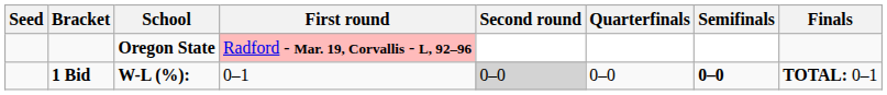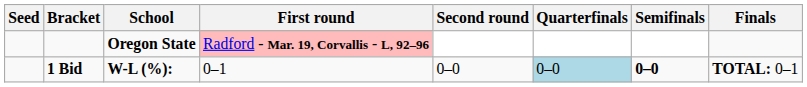 <table class="sortable wikitable" style="white-space:nowrap; font-size:90%;">
 <tr>
 <th>Seed</th>
 <th>Bracket</th>
 <th>School</th>
 <th>First round</th>
 <th>Second round</th>
 <th>Quarterfinals</th>
 <th>Semifinals</th>
 <th>Finals</th>
 </tr>
 <tr>
 <td></td>
 <td></td>
 <td><strong>Oregon State</strong></td>
 <td style="background:#fbb;"><a href='#'>Radford</a> - <strong><small>Mar. 19, Corvallis</small></strong> - <strong><small>L, 92–96</small></strong></td>
 <td style="background:#fff;"></td>
 <td style="background:#fff;"></td>
 <td style="background:#fff;"></td>
 </tr>
 <tr>
 <td></td>
 <td><strong>1 Bid</strong></td>
 <td><strong>W-L (%):</strong></td>
 <td>0–1 </td>
-<td style="background: lightgrey;">0–0 </td>
 <td>0–0 </td>
+<td style="background: lightblue;">0–0 </td>
 <td><strong>0–0 </strong></td>
 <td><strong>TOTAL:</strong> 0–1 </td>
 </tr>
 </table>
